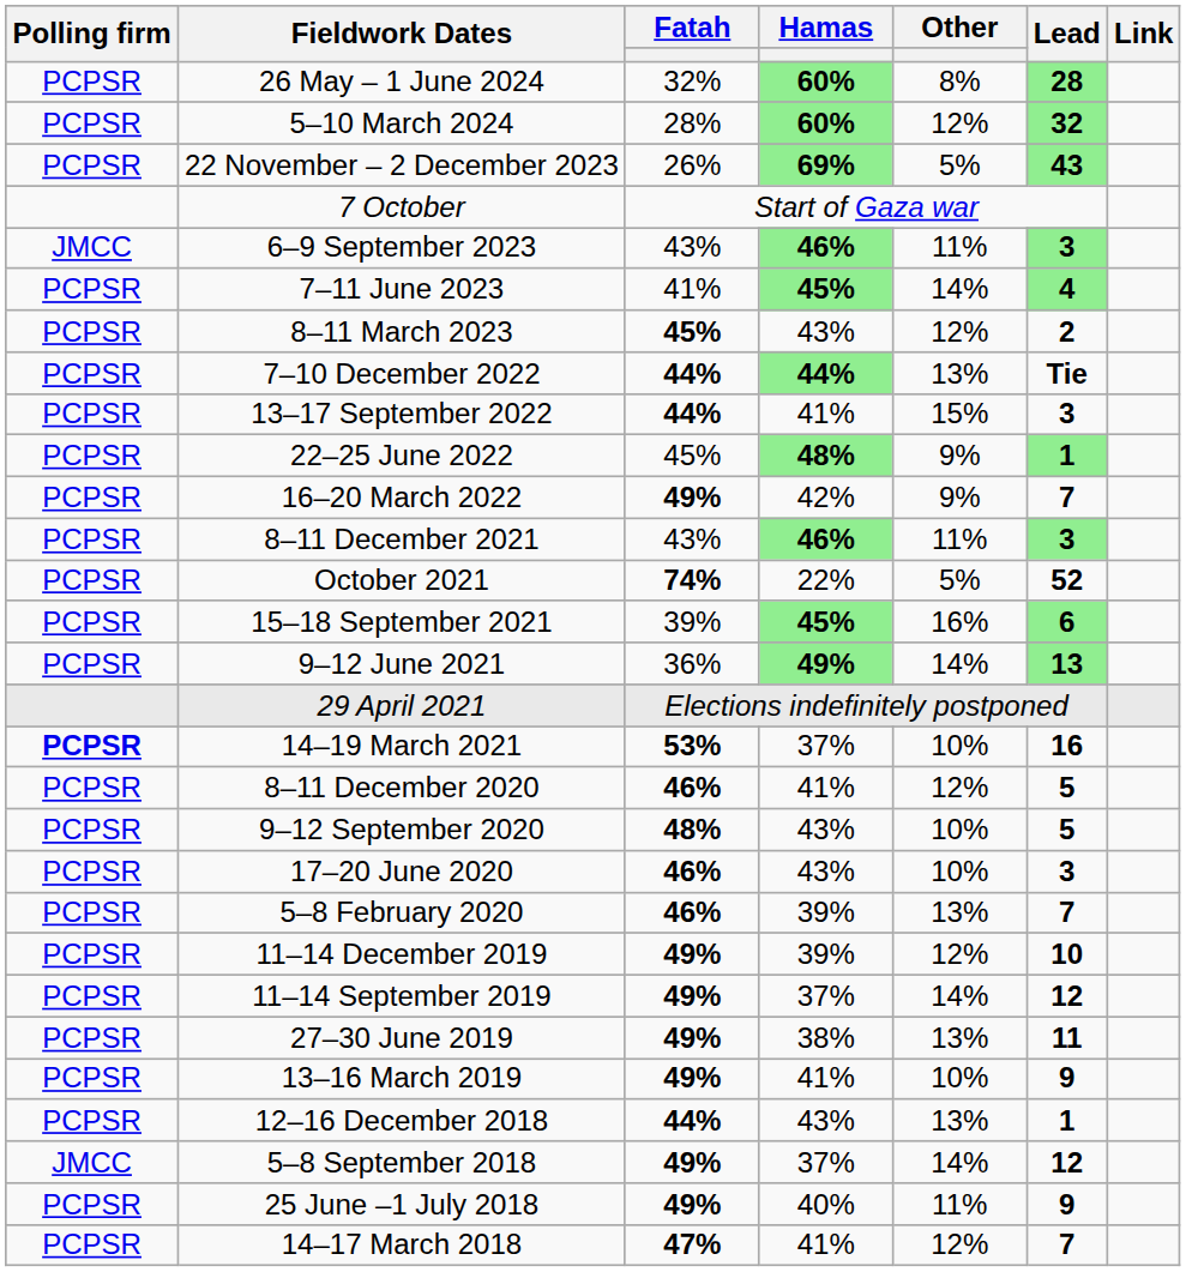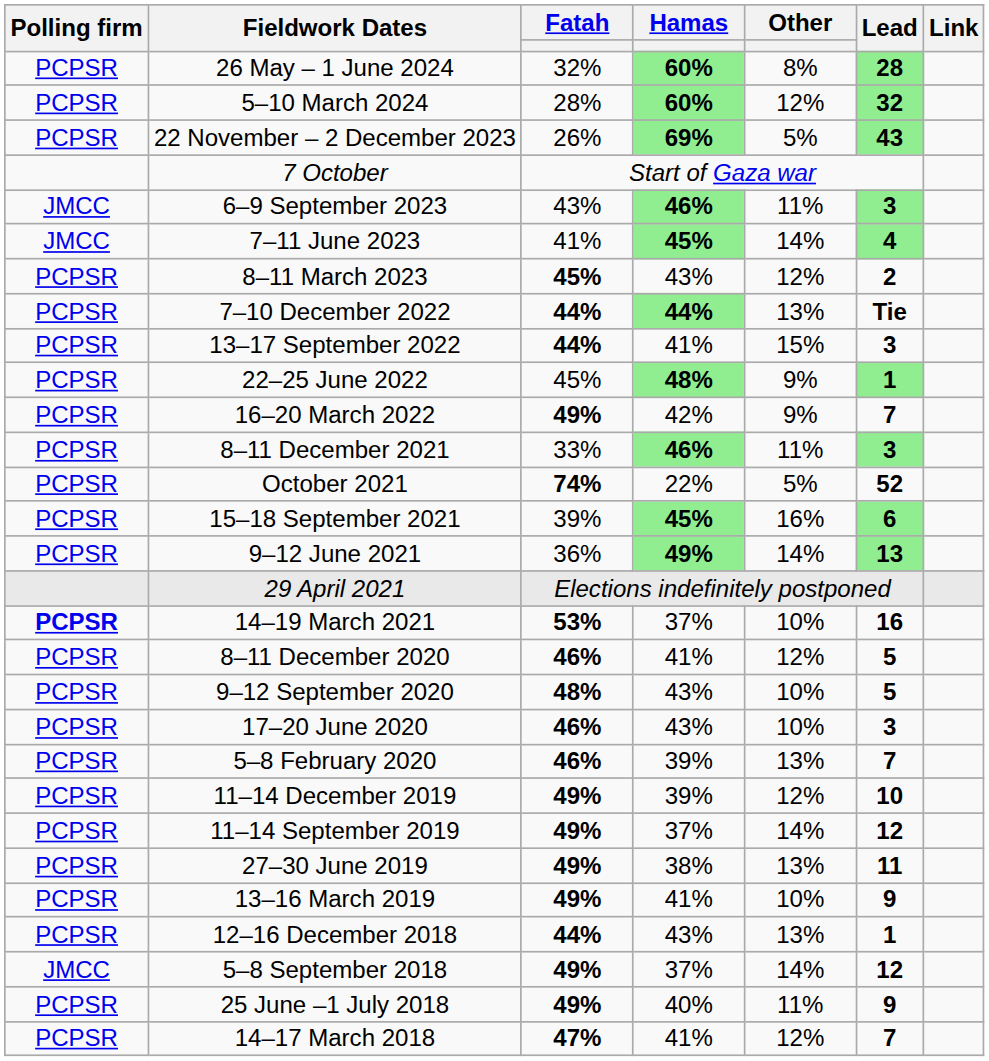 <table class="wikitable sortable" style="text-align:center;font-size:90%;line-height:14px;">
 <tr>
 <th rowspan="2">Polling firm</th>
 <th rowspan="2">Fieldwork Dates</th>
 <th class="unsortable" style="width:60px;"><a href='#'>Fatah</a></th>
 <th class="unsortable" style="width:60px;"><a href='#'>Hamas</a></th>
 <th class="unsortable" style="width:60px;">Other</th>
 <th rowspan="2">Lead</th>
 <th rowspan="2">Link</th>
 </tr>
 <tr style="background:#e9e9e9;">
 <th class="unsortable" style="background-color:"></th>
 <th class="unsortable" style="background-color:"></th>
 <th class="unsortable" style="background-color:"></th>
 </tr>
 <tr>
 <td><a href='#'>PCPSR</a></td>
 <td>26 May – 1 June 2024</td>
 <td>32%</td>
 <td style="background:lightgreen"><strong>60%</strong></td>
 <td>8%</td>
 <td style="background:lightgreen"><strong>28</strong></td>
 <td></td>
 </tr>
 <tr>
 <td><a href='#'>PCPSR</a></td>
 <td>5–10 March 2024</td>
 <td>28%</td>
 <td style="background:lightgreen"><strong>60%</strong></td>
 <td>12%</td>
 <td style="background:lightgreen"><strong>32</strong></td>
 <td></td>
 </tr>
 <tr>
 <td><a href='#'>PCPSR</a></td>
 <td>22 November – 2 December 2023</td>
 <td>26%</td>
 <td style="background:lightgreen"><strong>69%</strong></td>
 <td>5%</td>
 <td style="background:lightgreen"><strong>43</strong></td>
 <td></td>
 </tr>
 <tr>
 <td></td>
 <td><em>7 October</em></td>
 <td colspan="4"><em>Start of <a href='#'>Gaza war</a></em></td>
 <td></td>
 </tr>
 <tr>
 <td><a href='#'>JMCC</a></td>
 <td>6–9 September 2023</td>
 <td>43%</td>
 <td style="background:lightgreen"><strong>46%</strong></td>
 <td>11%</td>
 <td style="background:lightgreen"><strong>3</strong></td>
 <td></td>
 </tr>
 <tr>
-<td><a href='#'>PCPSR</a></td>
+<td><a href='#'>JMCC</a></td>
 <td>7–11 June 2023</td>
 <td>41%</td>
 <td style="background:lightgreen"><strong>45%</strong></td>
 <td>14%</td>
 <td style="background:lightgreen"><strong>4</strong></td>
 <td></td>
 </tr>
 <tr>
 <td><a href='#'>PCPSR</a></td>
 <td>8–11 March 2023</td>
 <td><strong>45%</strong></td>
 <td>43%</td>
 <td>12%</td>
 <td><strong>2</strong></td>
 <td></td>
 </tr>
 <tr>
 <td><a href='#'>PCPSR</a></td>
 <td>7–10 December 2022</td>
 <td><strong>44%</strong></td>
 <td style="background:lightgreen"><strong>44%</strong></td>
 <td>13%</td>
 <td><strong>Tie</strong></td>
 <td></td>
 </tr>
 <tr>
 <td><a href='#'>PCPSR</a></td>
 <td>13–17 September 2022</td>
 <td><strong>44%</strong></td>
 <td>41%</td>
 <td>15%</td>
 <td><strong>3</strong></td>
 <td></td>
 </tr>
 <tr>
 <td><a href='#'>PCPSR</a></td>
 <td>22–25 June 2022</td>
 <td>45%</td>
 <td style="background:lightgreen"><strong>48%</strong></td>
 <td>9%</td>
 <td style="background:lightgreen"><strong>1</strong></td>
 <td></td>
 </tr>
 <tr>
 <td><a href='#'>PCPSR</a></td>
 <td>16–20 March 2022</td>
 <td><strong>49%</strong></td>
 <td>42%</td>
 <td>9%</td>
 <td><strong>7</strong></td>
 <td></td>
 </tr>
 <tr>
 <td><a href='#'>PCPSR</a></td>
 <td>8–11 December 2021</td>
-<td>43%</td>
+<td>33%</td>
 <td style="background:lightgreen"><strong>46%</strong></td>
 <td>11%</td>
 <td style="background:lightgreen"><strong>3</strong></td>
 <td></td>
 </tr>
 <tr>
 <td><a href='#'>PCPSR</a></td>
 <td>October 2021</td>
 <td><strong>74%</strong></td>
 <td>22%</td>
 <td>5%</td>
 <td><strong>52</strong></td>
 <td></td>
 </tr>
 <tr>
 <td><a href='#'>PCPSR</a></td>
 <td>15–18 September 2021</td>
 <td>39%</td>
 <td style="background:lightgreen"><strong>45%</strong></td>
 <td>16%</td>
 <td style="background:lightgreen"><strong>6</strong></td>
 <td></td>
 </tr>
 <tr>
 <td><a href='#'>PCPSR</a></td>
 <td>9–12 June 2021</td>
 <td>36%</td>
 <td style="background:lightgreen"><strong>49%</strong></td>
 <td>14%</td>
 <td style="background:lightgreen"><strong>13</strong></td>
 <td></td>
 </tr>
 <tr style="background:#E9E9E9;">
 <td></td>
 <td><em>29 April 2021</em></td>
 <td colspan="4"><em>Elections indefinitely postponed</em></td>
 <td></td>
 </tr>
 <tr>
 <td><strong><a href='#'>PCPSR</a></strong></td>
 <td>14–19 March 2021</td>
 <td><strong>53%</strong></td>
 <td>37%</td>
 <td>10%</td>
 <td><strong>16</strong></td>
 <td></td>
 </tr>
 <tr>
 <td><a href='#'>PCPSR</a></td>
 <td>8–11 December 2020</td>
 <td><strong>46%</strong></td>
 <td>41%</td>
 <td>12%</td>
 <td><strong>5</strong></td>
 <td></td>
 </tr>
 <tr>
 <td><a href='#'>PCPSR</a></td>
 <td>9–12 September 2020</td>
 <td><strong>48%</strong></td>
 <td>43%</td>
 <td>10%</td>
 <td><strong>5</strong></td>
 <td></td>
 </tr>
 <tr>
 <td><a href='#'>PCPSR</a></td>
 <td>17–20 June 2020</td>
 <td><strong>46%</strong></td>
 <td>43%</td>
 <td>10%</td>
 <td><strong>3</strong></td>
 <td></td>
 </tr>
 <tr>
 <td><a href='#'>PCPSR</a></td>
 <td>5–8 February 2020</td>
 <td><strong>46%</strong></td>
 <td>39%</td>
 <td>13%</td>
 <td><strong>7</strong></td>
 <td></td>
 </tr>
 <tr>
 <td><a href='#'>PCPSR</a></td>
 <td>11–14 December 2019</td>
 <td><strong>49%</strong></td>
 <td>39%</td>
 <td>12%</td>
 <td><strong>10</strong></td>
 <td></td>
 </tr>
 <tr>
 <td><a href='#'>PCPSR</a></td>
 <td>11–14 September 2019</td>
 <td><strong>49%</strong></td>
 <td>37%</td>
 <td>14%</td>
 <td><strong>12</strong></td>
 <td></td>
 </tr>
 <tr>
 <td><a href='#'>PCPSR</a></td>
 <td>27–30 June 2019</td>
 <td><strong>49%</strong></td>
 <td>38%</td>
 <td>13%</td>
 <td><strong>11</strong></td>
 <td></td>
 </tr>
 <tr>
 <td><a href='#'>PCPSR</a></td>
 <td>13–16 March 2019</td>
 <td><strong>49%</strong></td>
 <td>41%</td>
 <td>10%</td>
 <td><strong>9</strong></td>
 <td></td>
 </tr>
 <tr>
 <td><a href='#'>PCPSR</a></td>
 <td>12–16 December 2018</td>
 <td><strong>44%</strong></td>
 <td>43%</td>
 <td>13%</td>
 <td><strong>1</strong></td>
 <td></td>
 </tr>
 <tr>
 <td><a href='#'>JMCC</a></td>
 <td>5–8 September 2018</td>
 <td><strong>49%</strong></td>
 <td>37%</td>
 <td>14%</td>
 <td><strong>12</strong></td>
 <td></td>
 </tr>
 <tr>
 <td><a href='#'>PCPSR</a></td>
 <td>25 June –1 July 2018</td>
 <td><strong>49%</strong></td>
 <td>40%</td>
 <td>11%</td>
 <td><strong>9</strong></td>
 <td></td>
 </tr>
 <tr>
 <td><a href='#'>PCPSR</a></td>
 <td>14–17 March 2018</td>
 <td><strong>47%</strong></td>
 <td>41%</td>
 <td>12%</td>
 <td><strong>7</strong></td>
 <td></td>
 </tr>
 </table>
